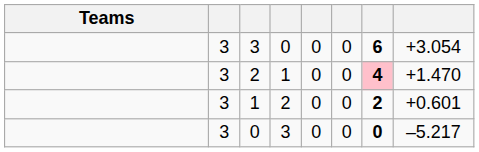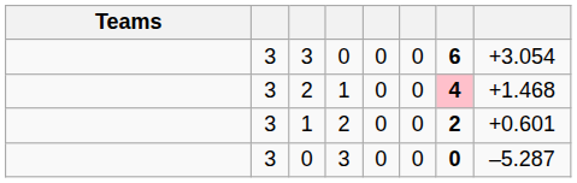 <table class="wikitable" style="text-align:center">
 <tr>
 <th style="width:175px;">Teams</th>
 <th style="width:20px;"></th>
 <th style="width:20px;"></th>
 <th style="width:20px;"></th>
 <th style="width:20px;"></th>
 <th style="width:20px;"></th>
 <th style="width:20px;"></th>
 <th style="width:65px;"></th>
 </tr>
 <tr>
 <td style="text-align:left"></td>
 <td>3</td>
 <td>3</td>
 <td>0</td>
 <td>0</td>
 <td>0</td>
 <td><strong>6</strong></td>
 <td>+3.054</td>
 </tr>
 <tr>
 <td style="text-align:left"></td>
 <td>3</td>
 <td>2</td>
 <td>1</td>
 <td>0</td>
 <td>0</td>
 <td style="background: pink;"><strong>4</strong></td>
-<td>+1.470</td>
+<td>+1.468</td>
 </tr>
 <tr>
 <td style="text-align:left"></td>
 <td>3</td>
 <td>1</td>
 <td>2</td>
 <td>0</td>
 <td>0</td>
 <td><strong>2</strong></td>
 <td>+0.601</td>
 </tr>
 <tr>
 <td style="text-align:left"></td>
 <td>3</td>
 <td>0</td>
 <td>3</td>
 <td>0</td>
 <td>0</td>
 <td><strong>0</strong></td>
-<td>–5.217</td>
+<td>–5.287</td>
 </tr>
 </table>
